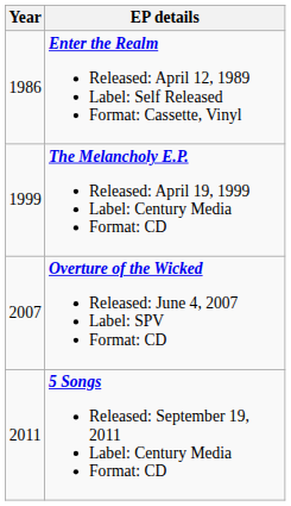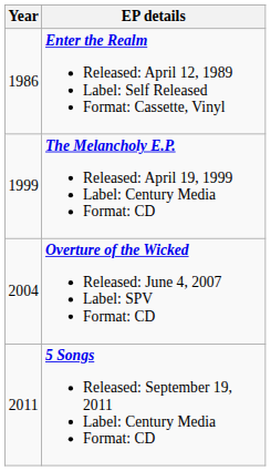 <table class="wikitable" border="1">
 <tr>
 <th>Year</th>
 <th width="230">EP details</th>
 </tr>
 <tr>
 <td align="center">1986</td>
 <td><strong><em><a href='#'>Enter the Realm</a></em></strong><br><ul><li>Released: April 12, 1989</li><li>Label: Self Released</li><li>Format: Cassette, Vinyl</li></ul></td>
 </tr>
 <tr>
 <td align="center">1999</td>
 <td><strong><em><a href='#'>The Melancholy E.P.</a></em></strong><br><ul><li>Released: April 19, 1999</li><li>Label: Century Media</li><li>Format: CD</li></ul></td>
 </tr>
 <tr>
-<td align="center">2007</td>
+<td align="center">2004</td>
 <td><strong><em><a href='#'>Overture of the Wicked</a></em></strong><br><ul><li>Released: June 4, 2007</li><li>Label: SPV</li><li>Format: CD</li></ul></td>
 </tr>
 <tr>
 <td align="center">2011</td>
 <td><strong><em><a href='#'>5 Songs</a></em></strong><br><ul><li>Released: September 19, 2011</li><li>Label: Century Media</li><li>Format: CD</li></ul></td>
 </tr>
 </table>
